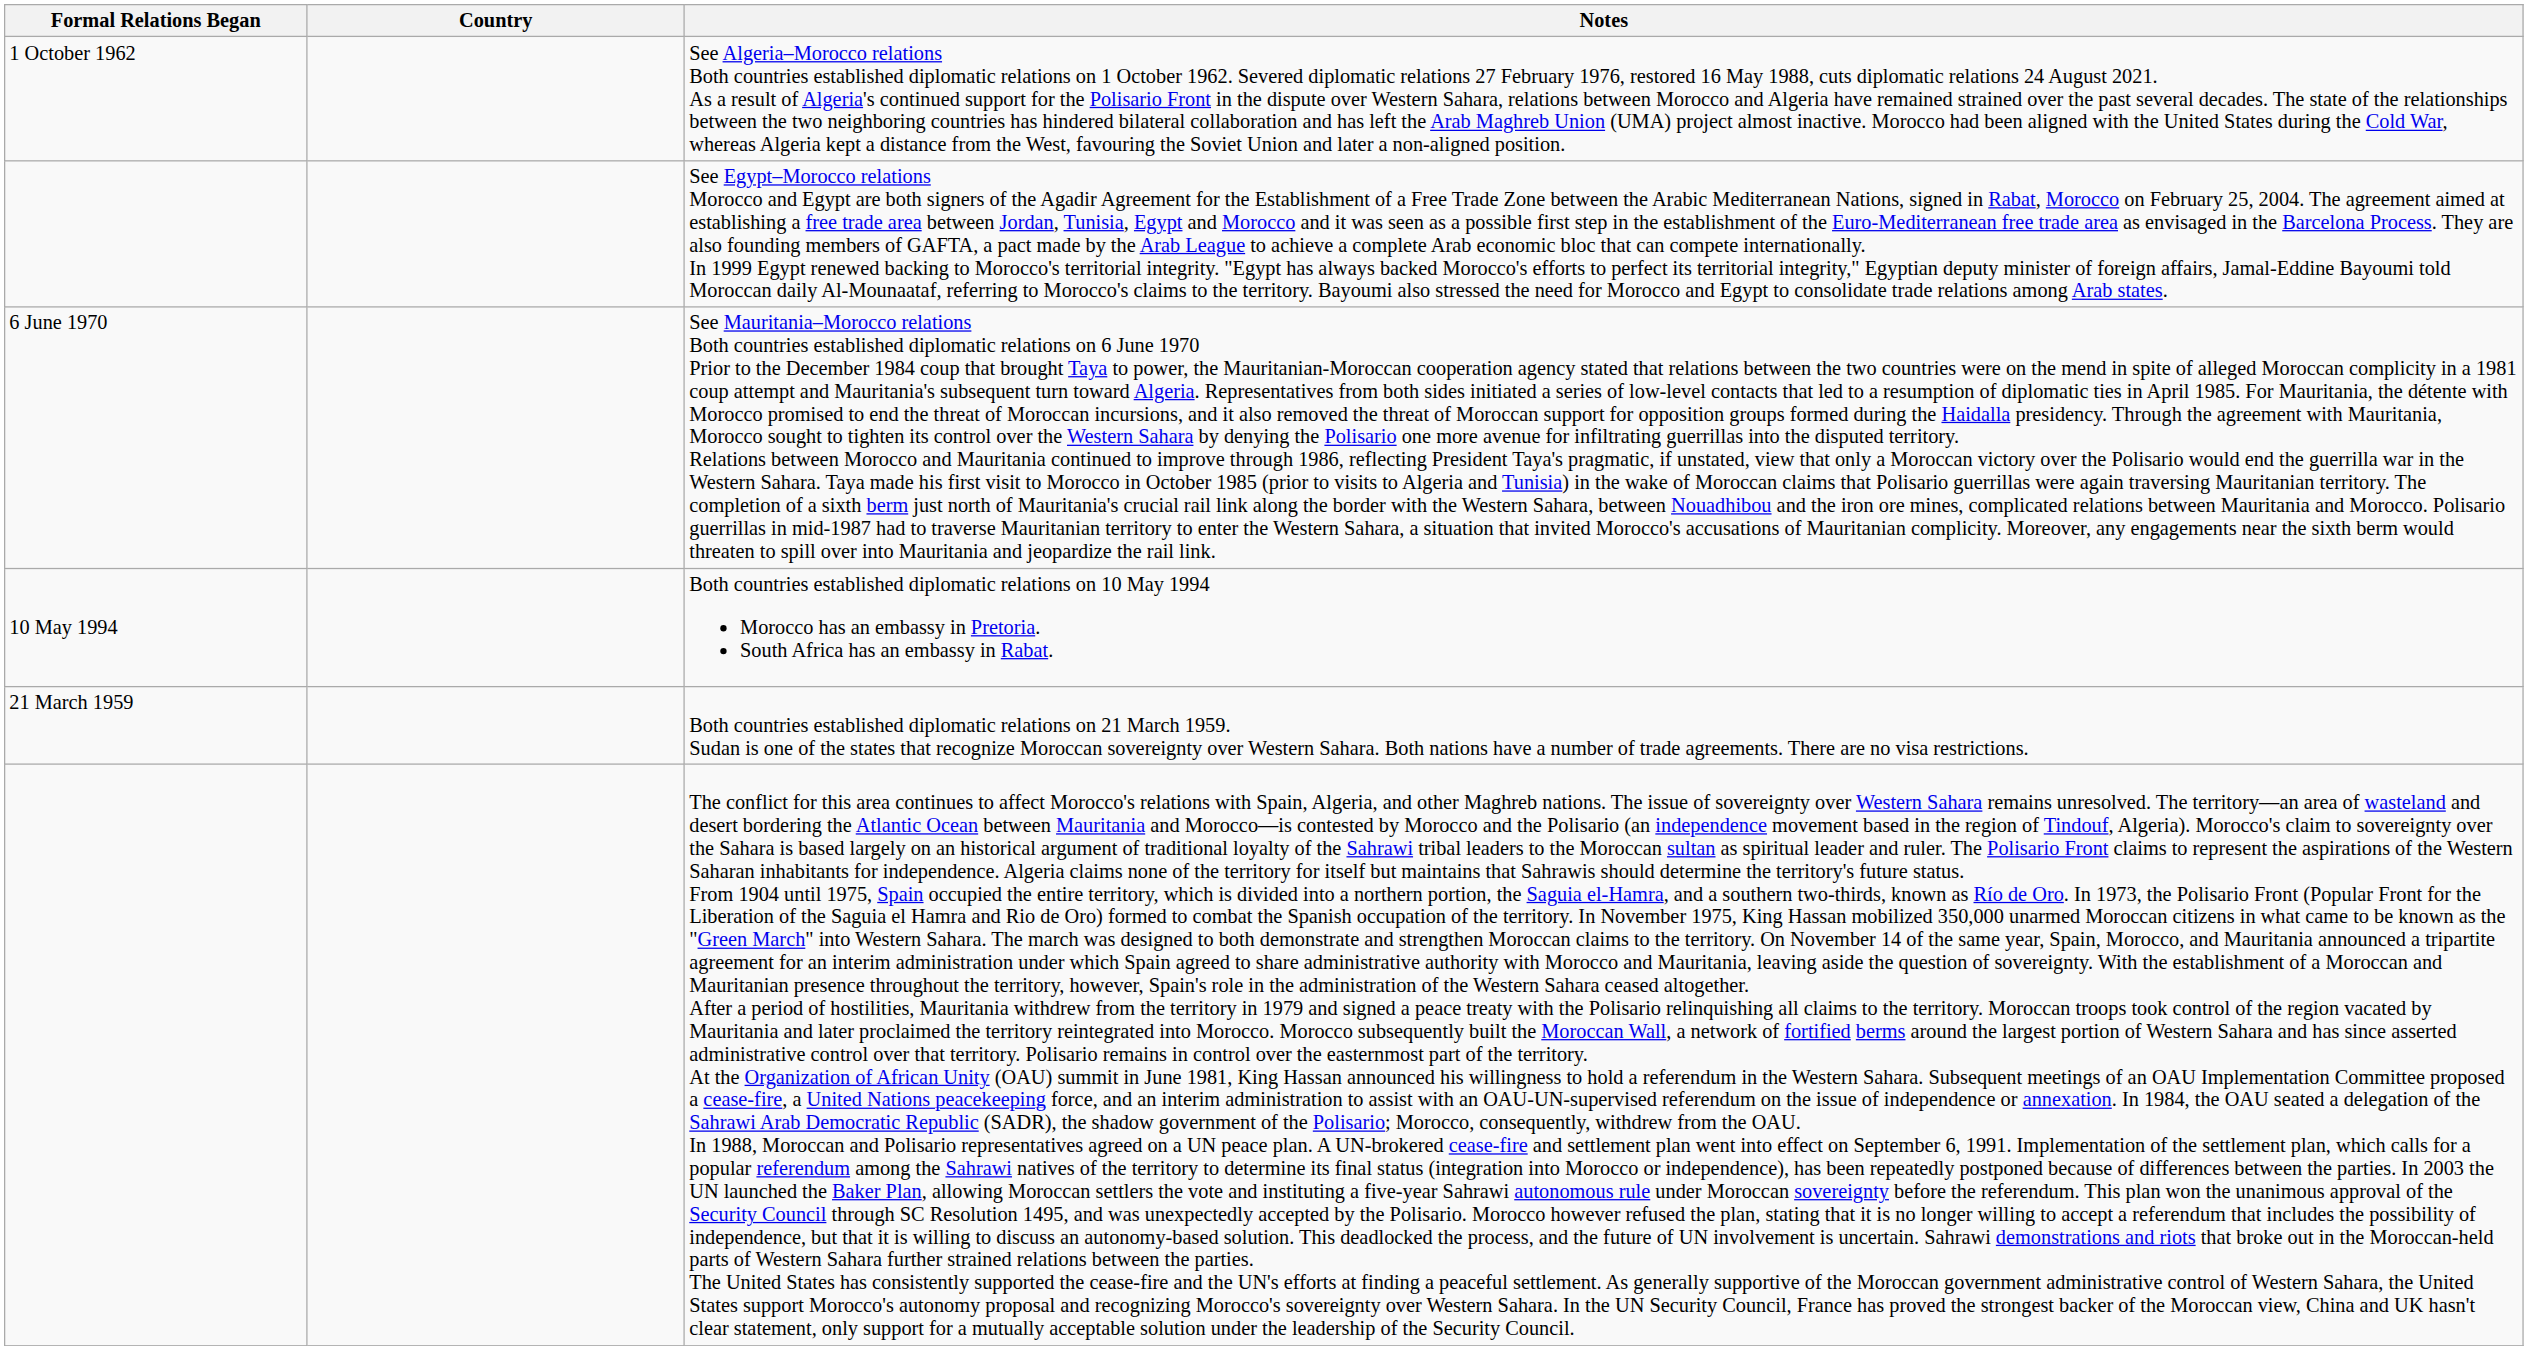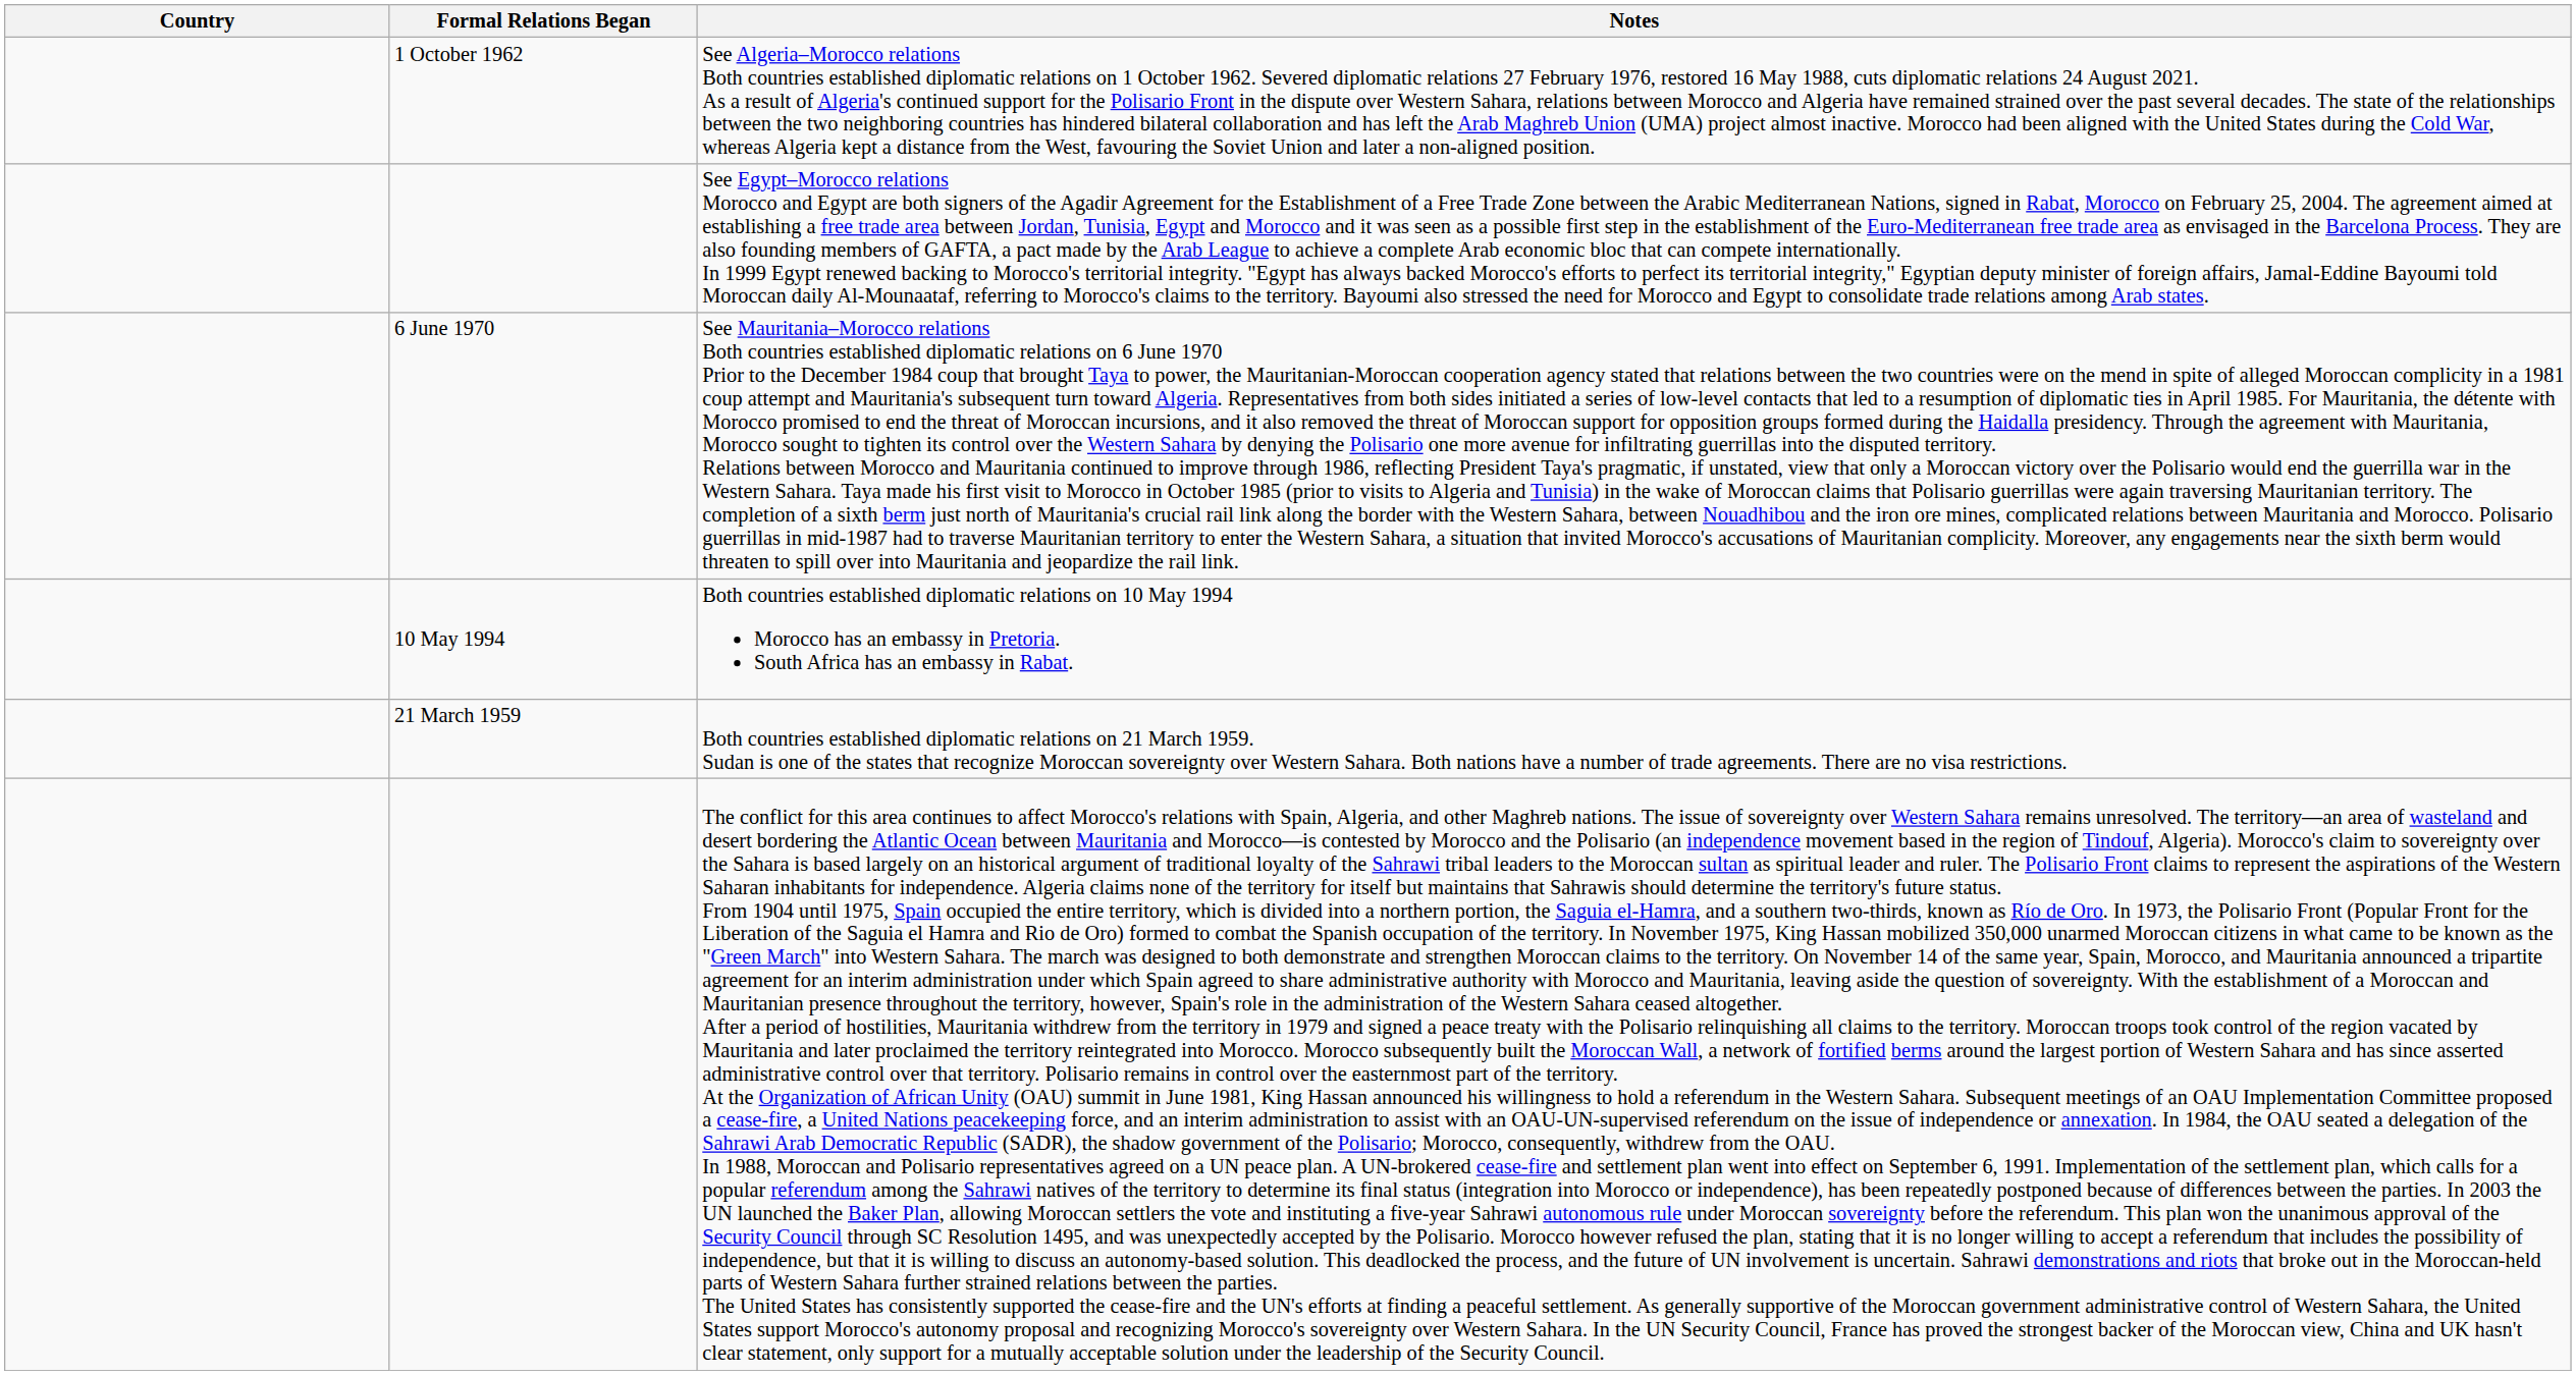 <table class="wikitable sortable" style="width:100%; margin:auto;">
 <tr>
+<th style="width:15%;">Country</th>
 <th style="width:12%;">Formal Relations Began</th>
-<th style="width:15%;">Country</th>
 <th>Notes</th>
 </tr>
 <tr valign="top">
+<td></td>
 <td>1 October 1962</td>
-<td></td>
 <td>See <a href='#'>Algeria–Morocco relations</a><br>Both countries established diplomatic relations on 1 October 1962. Severed diplomatic relations 27 February 1976, restored 16 May 1988, cuts diplomatic relations 24 August 2021.<br>As a result of <a href='#'>Algeria</a>'s continued support for the <a href='#'>Polisario Front</a> in the dispute over Western Sahara, relations between Morocco and Algeria have remained strained over the past several decades. The state of the relationships between the two neighboring countries has hindered bilateral collaboration and has left the <a href='#'>Arab Maghreb Union</a> (UMA) project almost inactive. Morocco had been aligned with the United States during the <a href='#'>Cold War</a>, whereas Algeria kept a distance from the West, favouring the Soviet Union and later a non-aligned position.</td>
 </tr>
 <tr valign="top">
 <td></td>
 <td></td>
 <td>See <a href='#'>Egypt–Morocco relations</a><br>Morocco and Egypt are both signers of the Agadir Agreement for the Establishment of a Free Trade Zone between the Arabic Mediterranean Nations, signed in <a href='#'>Rabat</a>, <a href='#'>Morocco</a> on February 25, 2004. The agreement aimed at establishing a <a href='#'>free trade area</a> between <a href='#'>Jordan</a>, <a href='#'>Tunisia</a>, <a href='#'>Egypt</a> and <a href='#'>Morocco</a> and it was seen as a possible first step in the establishment of the <a href='#'>Euro-Mediterranean free trade area</a> as envisaged in the <a href='#'>Barcelona Process</a>. They are also founding members of GAFTA, a pact made by the <a href='#'>Arab League</a> to achieve a complete Arab economic bloc that can compete internationally.<br>In 1999 Egypt renewed backing to Morocco's territorial integrity. "Egypt has always backed Morocco's efforts to perfect its territorial integrity," Egyptian deputy minister of foreign affairs, Jamal-Eddine Bayoumi told Moroccan daily Al-Mounaataf, referring to Morocco's claims to the territory. Bayoumi also stressed the need for Morocco and Egypt to consolidate trade relations among <a href='#'>Arab states</a>.</td>
 </tr>
 <tr valign="top">
+<td></td>
 <td>6 June 1970</td>
-<td></td>
 <td>See <a href='#'>Mauritania–Morocco relations</a><br>Both countries established diplomatic relations on 6 June 1970<br>Prior to the December 1984 coup that brought <a href='#'>Taya</a> to power, the Mauritanian-Moroccan cooperation agency stated that relations between the two countries were on the mend in spite of alleged Moroccan complicity in a 1981 coup attempt and Mauritania's subsequent turn toward <a href='#'>Algeria</a>. Representatives from both sides initiated a series of low-level contacts that led to a resumption of diplomatic ties in April 1985. For Mauritania, the détente with Morocco promised to end the threat of Moroccan incursions, and it also removed the threat of Moroccan support for opposition groups formed during the <a href='#'>Haidalla</a> presidency. Through the agreement with Mauritania, Morocco sought to tighten its control over the <a href='#'>Western Sahara</a> by denying the <a href='#'>Polisario</a> one more avenue for infiltrating guerrillas into the disputed territory.<br>Relations between Morocco and Mauritania continued to improve through 1986, reflecting President Taya's pragmatic, if unstated, view that only a Moroccan victory over the Polisario would end the guerrilla war in the Western Sahara. Taya made his first visit to Morocco in October 1985 (prior to visits to Algeria and <a href='#'>Tunisia</a>) in the wake of Moroccan claims that Polisario guerrillas were again traversing Mauritanian territory. The completion of a sixth <a href='#'>berm</a> just north of Mauritania's crucial rail link along the border with the Western Sahara, between <a href='#'>Nouadhibou</a> and the iron ore mines, complicated relations between Mauritania and Morocco. Polisario guerrillas in mid-1987 had to traverse Mauritanian territory to enter the Western Sahara, a situation that invited Morocco's accusations of Mauritanian complicity. Moreover, any engagements near the sixth berm would threaten to spill over into Mauritania and jeopardize the rail link.</td>
 </tr>
 <tr>
+<td></td>
 <td>10 May 1994</td>
-<td></td>
 <td>Both countries established diplomatic relations on 10 May 1994<br><ul><li>Morocco has an embassy in <a href='#'>Pretoria</a>.</li><li>South Africa has an embassy in <a href='#'>Rabat</a>.</li></ul></td>
 </tr>
 <tr valign="top">
+<td></td>
 <td>21 March 1959</td>
-<td></td>
 <td><br>Both countries established diplomatic relations on 21 March 1959.<br>Sudan is one of the states that recognize Moroccan sovereignty over Western Sahara. Both nations have a number of trade agreements. There are no visa restrictions.</td>
 </tr>
 <tr valign="top">
 <td></td>
 <td></td>
 <td><br>  The conflict for this area continues to affect Morocco's relations with Spain, Algeria, and other Maghreb nations. The issue of sovereignty over <a href='#'>Western Sahara</a> remains unresolved. The territory—an area of <a href='#'>wasteland</a> and desert bordering the <a href='#'>Atlantic Ocean</a> between <a href='#'>Mauritania</a> and Morocco—is contested by Morocco and the Polisario (an <a href='#'>independence</a> movement based in the region of <a href='#'>Tindouf</a>, Algeria). Morocco's claim to sovereignty over the Sahara is based largely on an historical argument of traditional loyalty of the <a href='#'>Sahrawi</a> tribal leaders to the Moroccan <a href='#'>sultan</a> as spiritual leader and ruler. The <a href='#'>Polisario Front</a> claims to represent the aspirations of the Western Saharan inhabitants for independence. Algeria claims none of the territory for itself but maintains that Sahrawis should determine the territory's future status.<br>From 1904 until 1975, <a href='#'>Spain</a> occupied the entire territory, which is divided into a northern portion, the <a href='#'>Saguia el-Hamra</a>, and a southern two-thirds, known as <a href='#'>Río de Oro</a>. In 1973, the Polisario Front (Popular Front for the Liberation of the Saguia el Hamra and Rio de Oro) formed to combat the Spanish occupation of the territory. In November 1975, King Hassan mobilized 350,000 unarmed Moroccan citizens in what came to be known as the "<a href='#'>Green March</a>" into Western Sahara. The march was designed to both demonstrate and strengthen Moroccan claims to the territory. On November 14 of the same year, Spain, Morocco, and Mauritania announced a tripartite agreement for an interim administration under which Spain agreed to share administrative authority with Morocco and Mauritania, leaving aside the question of sovereignty. With the establishment of a Moroccan and Mauritanian presence throughout the territory, however, Spain's role in the administration of the Western Sahara ceased altogether.<br>After a period of hostilities, Mauritania withdrew from the territory in 1979 and signed a peace treaty with the Polisario relinquishing all claims to the territory. Moroccan troops took control of the region vacated by Mauritania and later proclaimed the territory reintegrated into Morocco. Morocco subsequently built the <a href='#'>Moroccan Wall</a>, a network of <a href='#'>fortified</a> <a href='#'>berms</a> around the largest portion of Western Sahara and has since asserted administrative control over that territory. Polisario remains in control over the easternmost part of the territory.<br>At the <a href='#'>Organization of African Unity</a> (OAU) summit in June 1981, King Hassan announced his willingness to hold a referendum in the Western Sahara. Subsequent meetings of an OAU Implementation Committee proposed a <a href='#'>cease-fire</a>, a <a href='#'>United Nations peacekeeping</a> force, and an interim administration to assist with an OAU-UN-supervised referendum on the issue of independence or <a href='#'>annexation</a>. In 1984, the OAU seated a delegation of the <a href='#'>Sahrawi Arab Democratic Republic</a> (SADR), the shadow government of the <a href='#'>Polisario</a>; Morocco, consequently, withdrew from the OAU.<br>In 1988, Moroccan and Polisario representatives agreed on a UN peace plan. A UN-brokered <a href='#'>cease-fire</a> and settlement plan went into effect on September 6, 1991. Implementation of the settlement plan, which calls for a popular <a href='#'>referendum</a> among the <a href='#'>Sahrawi</a> natives of the territory to determine its final status (integration into Morocco or independence), has been repeatedly postponed because of differences between the parties. In 2003 the UN launched the <a href='#'>Baker Plan</a>, allowing Moroccan settlers the vote and instituting a five-year Sahrawi <a href='#'>autonomous rule</a> under Moroccan <a href='#'>sovereignty</a> before the referendum. This plan won the unanimous approval of the <a href='#'>Security Council</a> through SC Resolution 1495, and was unexpectedly accepted by the Polisario. Morocco however refused the plan, stating that it is no longer willing to accept a referendum that includes the possibility of independence, but that it is willing to discuss an autonomy-based solution. This deadlocked the process, and the future of UN involvement is uncertain. Sahrawi <a href='#'>demonstrations and riots</a> that broke out in the Moroccan-held parts of Western Sahara further strained relations between the parties.<br>The United States has consistently supported the cease-fire and the UN's efforts at finding a peaceful settlement. As generally supportive of the Moroccan government administrative control of Western Sahara, the United States support Morocco's autonomy proposal and recognizing Morocco's sovereignty over Western Sahara. In the UN Security Council, France has proved the strongest backer of the Moroccan view, China and UK hasn't clear statement, only support for a mutually acceptable solution under the leadership of the Security Council.</td>
 </tr>
 </table>
